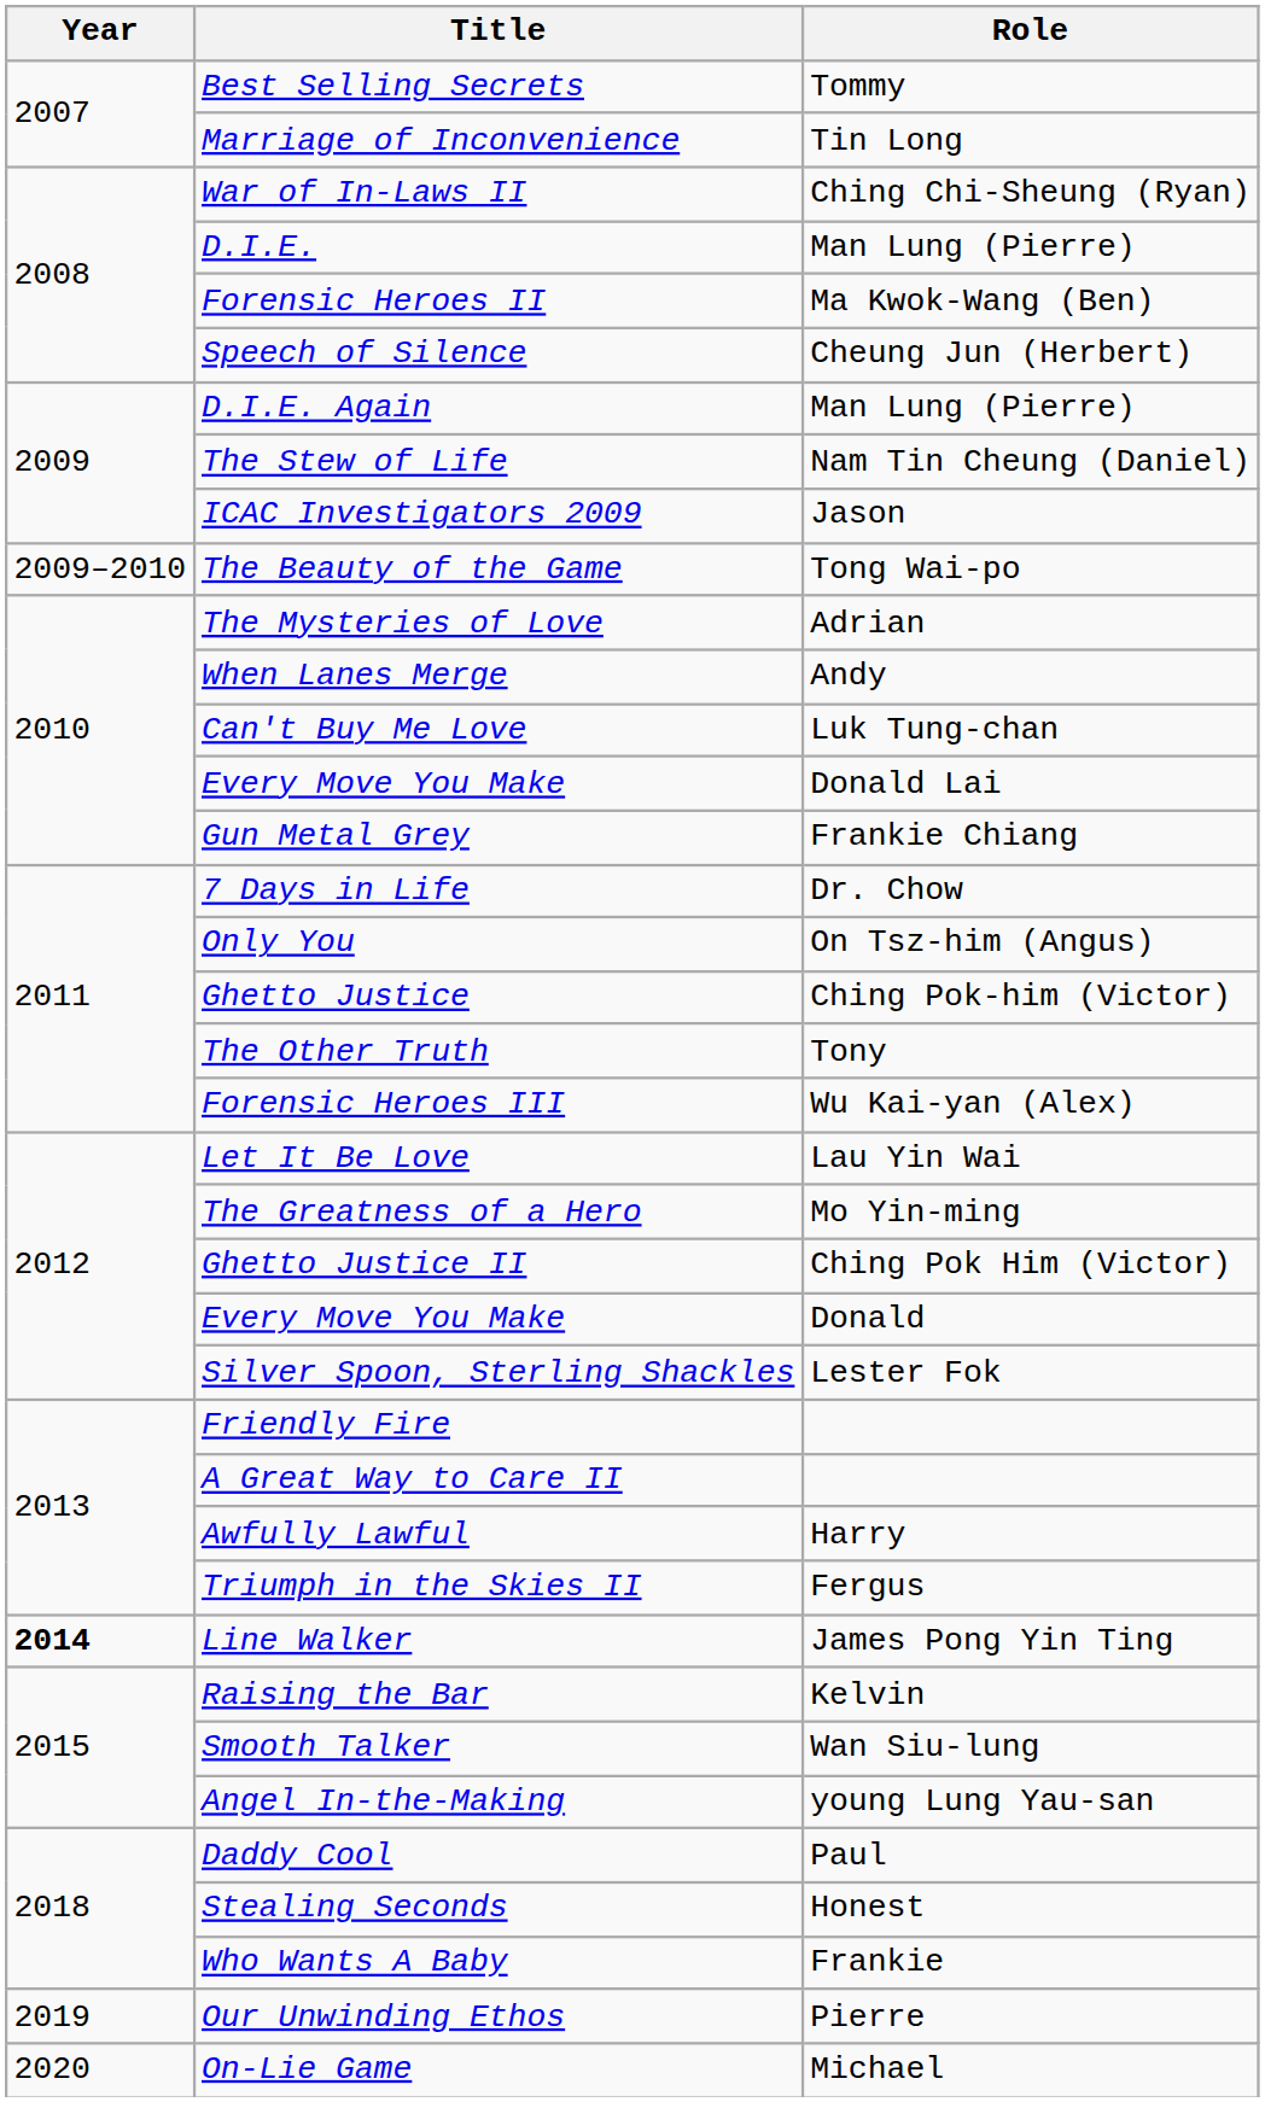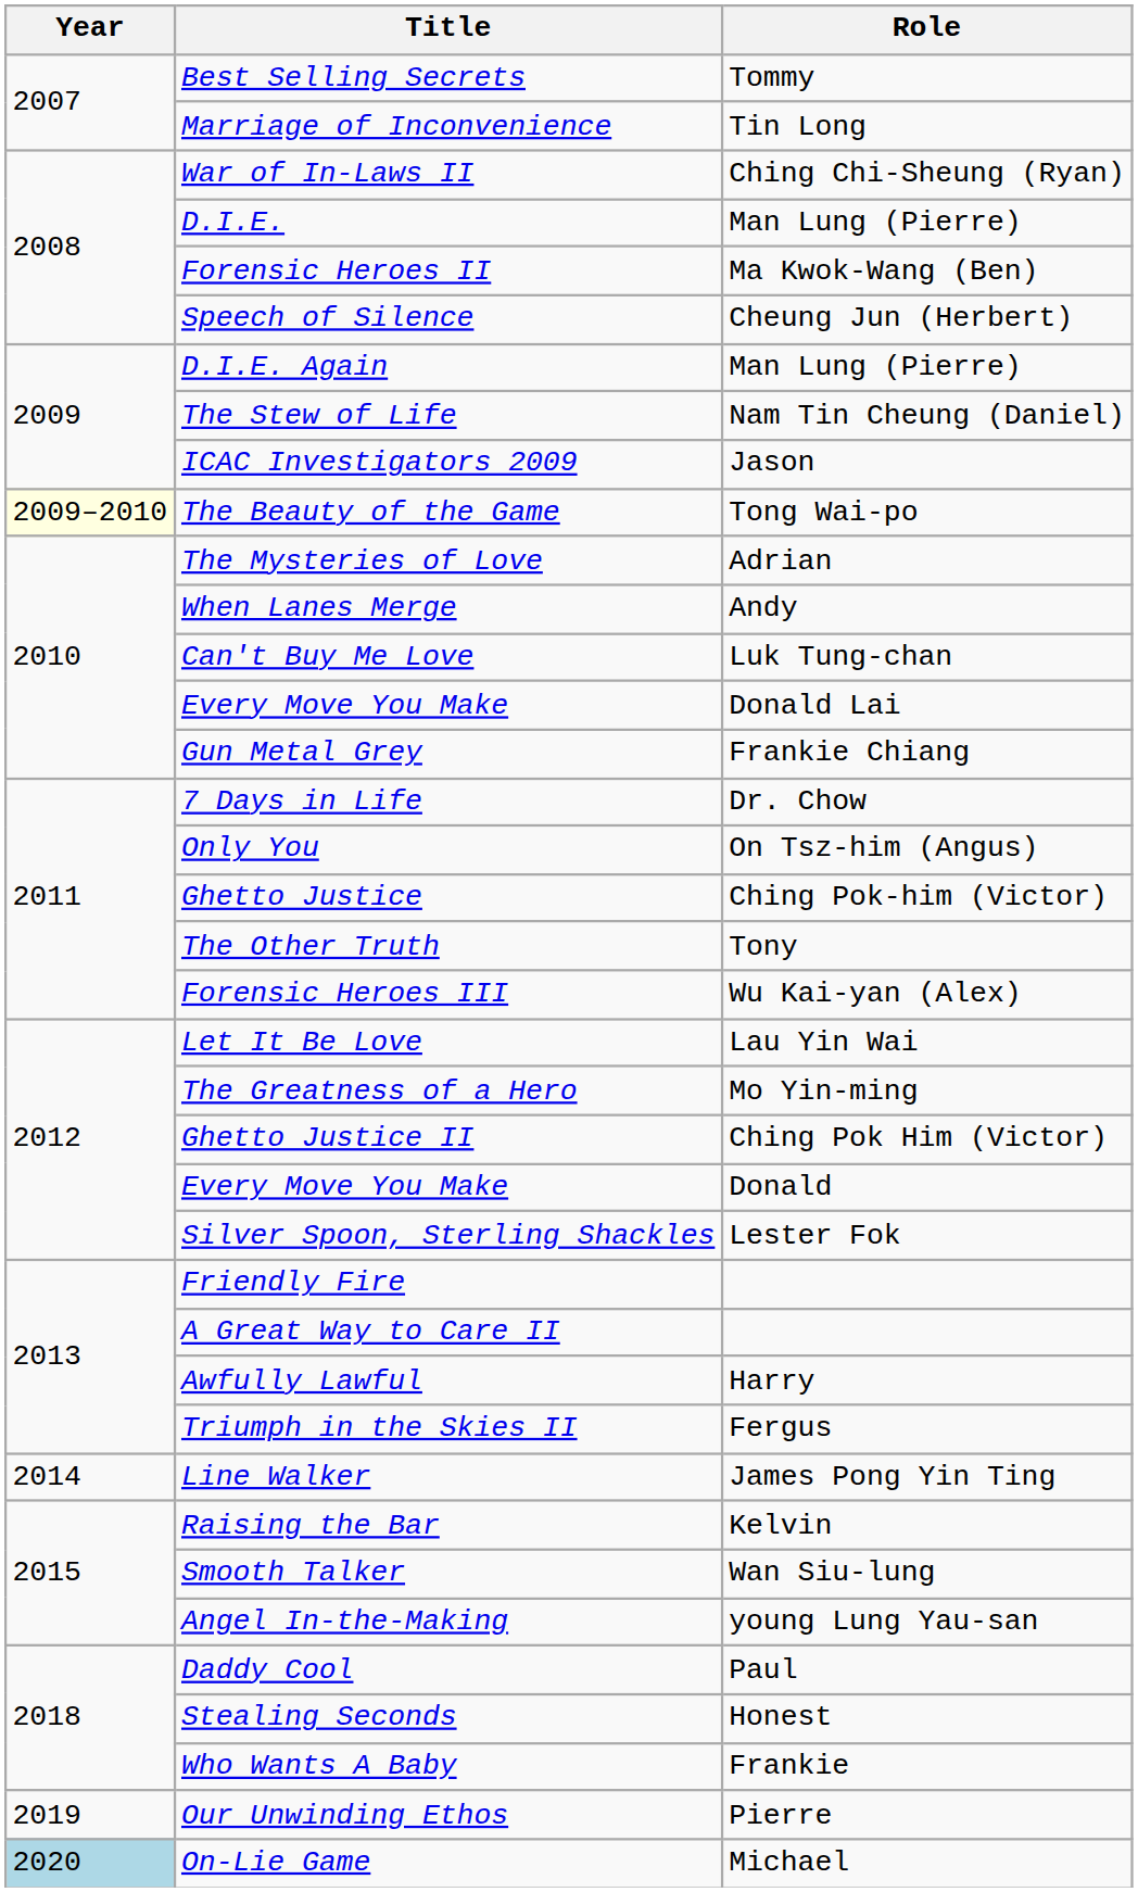 <table class="wikitable" style="font-size: 90%;">
 <tr>
 <th>Year</th>
 <th>Title</th>
 <th>Role</th>
 </tr>
 <tr>
 <td rowspan=2>2007</td>
 <td><em><a href='#'>Best Selling Secrets</a></em></td>
 <td>Tommy</td>
 </tr>
 <tr>
 <td><em><a href='#'>Marriage of Inconvenience</a></em></td>
 <td>Tin Long</td>
 </tr>
 <tr>
 <td rowspan=4>2008</td>
 <td><em><a href='#'>War of In-Laws II</a></em></td>
 <td>Ching Chi-Sheung (Ryan)</td>
 </tr>
 <tr>
 <td><em><a href='#'>D.I.E.</a></em></td>
 <td>Man Lung (Pierre)</td>
 </tr>
 <tr>
 <td><em><a href='#'>Forensic Heroes II</a></em></td>
 <td>Ma Kwok-Wang (Ben)</td>
 </tr>
 <tr>
 <td><em><a href='#'>Speech of Silence</a> </em></td>
 <td>Cheung Jun (Herbert)</td>
 </tr>
 <tr>
 <td rowspan=3>2009</td>
 <td><em><a href='#'>D.I.E. Again</a></em></td>
 <td>Man Lung (Pierre)</td>
 </tr>
 <tr>
 <td><em><a href='#'>The Stew of Life</a></em></td>
 <td>Nam Tin Cheung (Daniel)</td>
 </tr>
 <tr>
 <td><em><a href='#'>ICAC Investigators 2009</a></em></td>
 <td>Jason</td>
 </tr>
 <tr>
-<td>2009–2010</td>
+<td style="background: lightyellow;">2009–2010</td>
 <td><em><a href='#'>The Beauty of the Game</a></em></td>
 <td>Tong Wai-po</td>
 </tr>
 <tr>
 <td rowspan=5>2010</td>
 <td><em><a href='#'>The Mysteries of Love</a></em></td>
 <td>Adrian</td>
 </tr>
 <tr>
 <td><em><a href='#'>When Lanes Merge</a></em></td>
 <td>Andy</td>
 </tr>
 <tr>
 <td><em><a href='#'>Can't Buy Me Love</a></em></td>
 <td>Luk Tung-chan</td>
 </tr>
 <tr>
 <td><em><a href='#'>Every Move You Make</a></em></td>
 <td>Donald Lai</td>
 </tr>
 <tr>
 <td><em><a href='#'>Gun Metal Grey</a></em></td>
 <td>Frankie Chiang</td>
 </tr>
 <tr>
 <td rowspan="5">2011</td>
 <td><em><a href='#'>7 Days in Life</a></em></td>
 <td>Dr. Chow</td>
 </tr>
 <tr>
 <td><em><a href='#'>Only You</a></em></td>
 <td>On Tsz-him (Angus)</td>
 </tr>
 <tr>
 <td><em><a href='#'>Ghetto Justice</a></em></td>
 <td>Ching Pok-him (Victor)</td>
 </tr>
 <tr>
 <td><em><a href='#'>The Other Truth</a></em></td>
 <td>Tony</td>
 </tr>
 <tr>
 <td><em><a href='#'>Forensic Heroes III</a></em></td>
 <td>Wu Kai-yan (Alex)</td>
 </tr>
 <tr>
 <td rowspan=5>2012</td>
 <td><em><a href='#'>Let It Be Love</a></em></td>
 <td>Lau Yin Wai</td>
 </tr>
 <tr>
 <td><em><a href='#'>The Greatness of a Hero</a></em></td>
 <td>Mo Yin-ming</td>
 </tr>
 <tr>
 <td><em><a href='#'>Ghetto Justice II</a></em></td>
 <td>Ching Pok Him (Victor)</td>
 </tr>
 <tr>
 <td><em><a href='#'>Every Move You Make</a></em></td>
 <td>Donald</td>
 </tr>
 <tr>
 <td><em><a href='#'>Silver Spoon, Sterling Shackles</a></em></td>
 <td>Lester Fok</td>
 </tr>
 <tr>
 <td rowspan=4>2013</td>
 <td><em><a href='#'>Friendly Fire</a></em></td>
 <td></td>
 </tr>
 <tr>
 <td><em><a href='#'>A Great Way to Care II</a></em></td>
 <td></td>
 </tr>
 <tr>
 <td><em><a href='#'>Awfully Lawful</a></em></td>
 <td>Harry</td>
 </tr>
 <tr>
 <td><em><a href='#'>Triumph in the Skies II</a></em></td>
 <td>Fergus</td>
 </tr>
 <tr>
-<td><strong>2014</strong></td>
+<td>2014</td>
 <td><em><a href='#'>Line Walker</a></em></td>
 <td>James Pong Yin Ting</td>
 </tr>
 <tr>
 <td rowspan=3>2015</td>
 <td><em><a href='#'>Raising the Bar</a></em></td>
 <td>Kelvin</td>
 </tr>
 <tr>
 <td><em><a href='#'>Smooth Talker</a></em></td>
 <td>Wan Siu-lung</td>
 </tr>
 <tr>
 <td><em><a href='#'>Angel In-the-Making</a></em></td>
 <td>young Lung Yau-san</td>
 </tr>
 <tr>
 <td rowspan="3">2018</td>
 <td><em><a href='#'>Daddy Cool</a></em></td>
 <td>Paul</td>
 </tr>
 <tr>
 <td><em><a href='#'>Stealing Seconds</a></em></td>
 <td>Honest</td>
 </tr>
 <tr>
 <td><em><a href='#'>Who Wants A Baby</a></em></td>
 <td>Frankie</td>
 </tr>
 <tr>
 <td>2019</td>
 <td><em><a href='#'>Our Unwinding Ethos</a></em></td>
 <td>Pierre</td>
 </tr>
 <tr>
-<td>2020</td>
+<td style="background: lightblue;">2020</td>
 <td><em><a href='#'>On-Lie Game</a></em></td>
 <td>Michael</td>
 </tr>
 </table>
